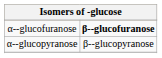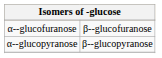 <table class="wikitable centered">
 <tr style="background:#FFDEAD;">
 <th colspan="3">Isomers of -glucose</th>
 </tr>
 <tr class="background color5">
 </tr>
 <tr class="background color2">
 <td align="center">α--glucofuranose</td>
-<td align="center"><strong>β--glucofuranose</strong></td>
+<td align="center">β--glucofuranose</td>
 </tr>
 <tr class="background color2">
 <td align="center">α--glucopyranose</td>
 <td align="center">β--glucopyranose</td>
 </tr>
 <tr class="background color5">
 </tr>
 <tr class="background color2">
 </tr>
 </table>
